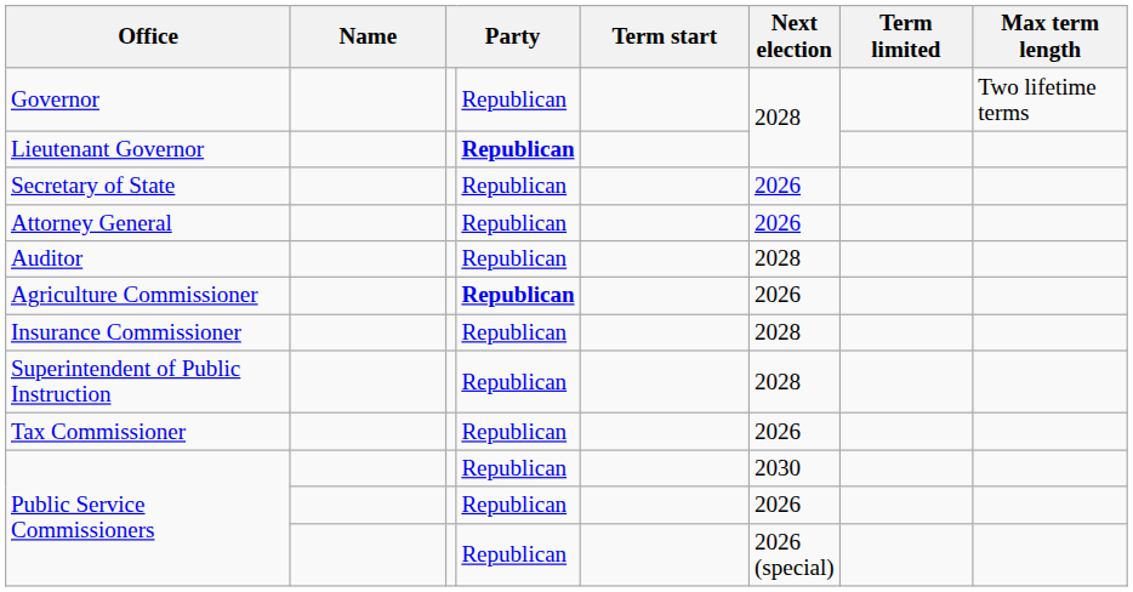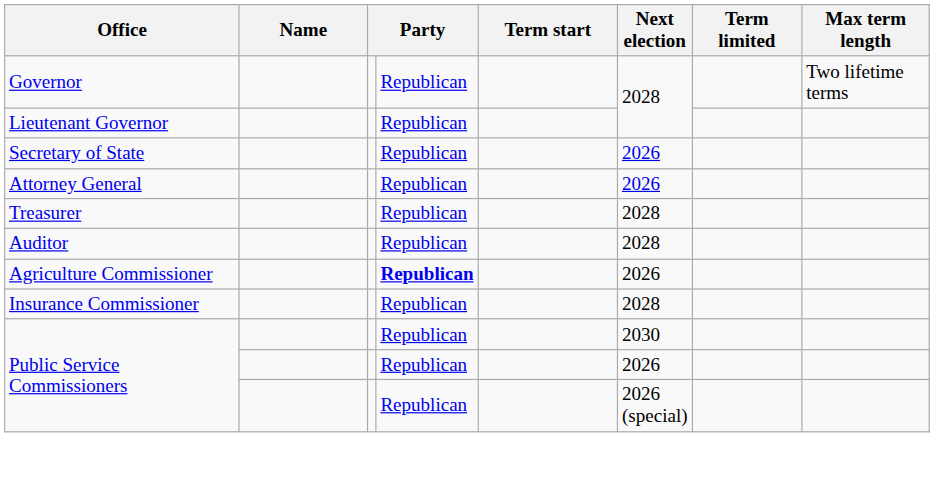 <table class="sortable wikitable">
 <tr>
 <th scope="col" width=190>Office</th>
 <th scope="col" width=100>Name</th>
 <th scope="col" width=75 colspan=2>Party</th>
 <th scope="col" width=110>Term start</th>
 <th scope="col" width=50>Next election</th>
 <th scope="col" width=85>Term limited</th>
 <th scope="col" width=100>Max term length</th>
 </tr>
 <tr>
 <td><a href='#'>Governor</a></td>
 <td></td>
 <td style="background-color:"></td>
 <td><a href='#'>Republican</a></td>
 <td></td>
 <td rowspan=2>2028</td>
 <td></td>
 <td>Two lifetime terms</td>
 </tr>
 <tr>
 <td><a href='#'>Lieutenant Governor</a></td>
 <td></td>
 <td style="background-color:"></td>
-<td><strong><a href='#'>Republican</a></strong></td>
+<td><a href='#'>Republican</a></td>
 <td></td>
 <td></td>
 <td></td>
 </tr>
 <tr>
 <td><a href='#'>Secretary of State</a></td>
 <td></td>
 <td style="background-color:"></td>
 <td><a href='#'>Republican</a></td>
 <td></td>
 <td><a href='#'>2026</a></td>
 <td></td>
 <td></td>
 </tr>
 <tr>
 <td><a href='#'>Attorney General</a></td>
 <td></td>
 <td style="background-color:"></td>
 <td><a href='#'>Republican</a></td>
 <td></td>
 <td><a href='#'>2026</a></td>
+<td></td>
+<td></td>
+</tr>
+<tr>
+<td><a href='#'>Treasurer</a></td>
+<td></td>
+<td style="background-color:"></td>
+<td><a href='#'>Republican</a></td>
+<td></td>
+<td>2028</td>
 <td></td>
 <td></td>
 </tr>
 <tr>
 <td><a href='#'>Auditor</a></td>
 <td></td>
 <td style="background-color:"></td>
 <td><a href='#'>Republican</a></td>
 <td></td>
 <td>2028</td>
 <td></td>
 <td></td>
 </tr>
 <tr>
 <td><a href='#'>Agriculture Commissioner</a></td>
 <td></td>
 <td style="background-color:"></td>
 <td><strong><a href='#'>Republican</a></strong></td>
 <td></td>
 <td>2026</td>
 <td></td>
 <td></td>
 </tr>
 <tr>
 <td><a href='#'>Insurance Commissioner</a></td>
 <td></td>
 <td style="background-color:"></td>
 <td><a href='#'>Republican</a></td>
 <td></td>
 <td>2028</td>
 <td></td>
 <td></td>
 </tr>
 <tr>
-<td><a href='#'>Superintendent of Public Instruction</a></td>
-<td></td>
-<td style="background-color:"></td>
-<td><a href='#'>Republican</a></td>
-<td></td>
-<td>2028</td>
-<td></td>
-<td></td>
-</tr>
-<tr>
-<td><a href='#'>Tax Commissioner</a></td>
-<td></td>
-<td style="background-color:"></td>
-<td><a href='#'>Republican</a></td>
-<td></td>
-<td>2026</td>
-<td></td>
-<td></td>
-</tr>
-<tr>
 <td rowspan=3><a href='#'>Public Service Commissioners</a></td>
 <td></td>
 <td style="background-color:"></td>
 <td><a href='#'>Republican</a></td>
 <td></td>
 <td>2030</td>
 <td></td>
 <td></td>
 </tr>
 <tr>
 <td></td>
 <td style="background-color:"></td>
 <td><a href='#'>Republican</a></td>
 <td></td>
 <td>2026</td>
 <td></td>
 <td></td>
 </tr>
 <tr>
 <td></td>
 <td style="background-color:"></td>
 <td><a href='#'>Republican</a></td>
 <td></td>
 <td>2026 (special)</td>
 <td></td>
 <td></td>
 </tr>
 </table>
